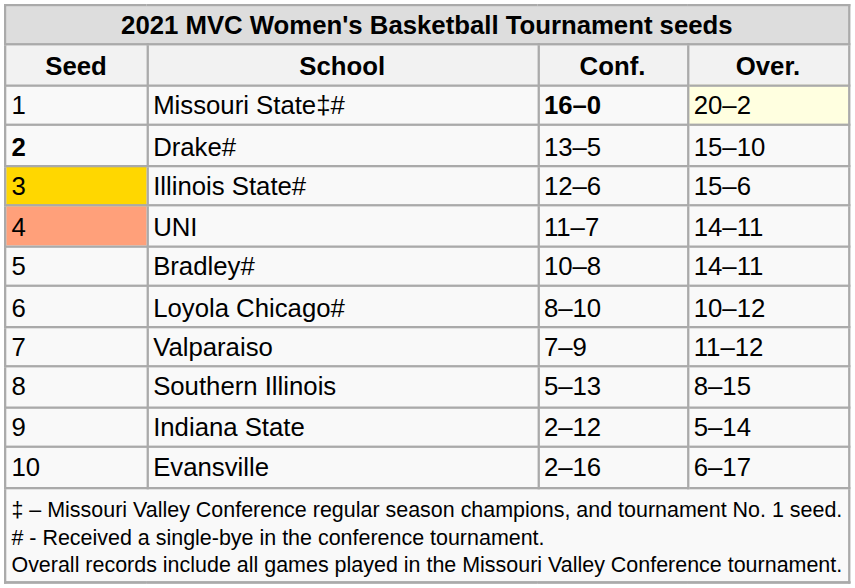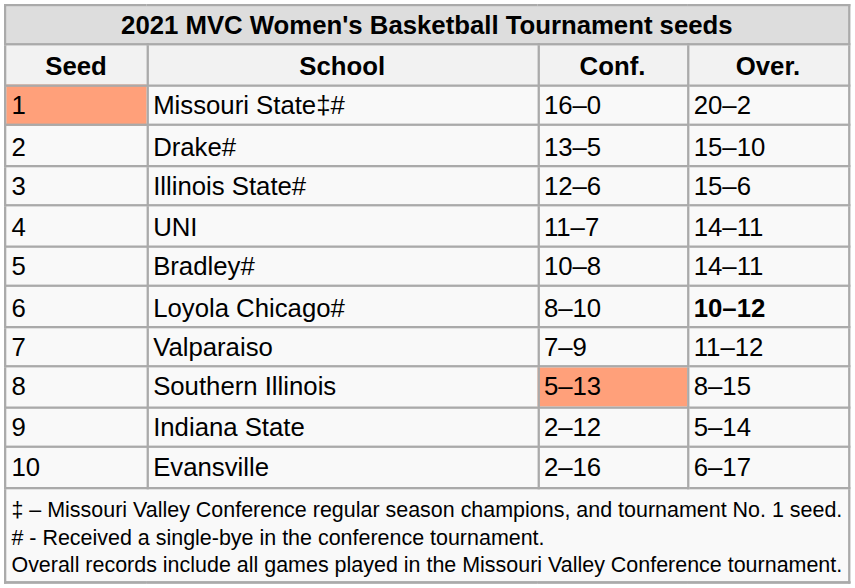 <table class="wikitable" style="white-space:nowrap; font-size:70%;">
 <tr>
 <td colspan="4" style="text-align:center; background:#DDDDDD; font:#000000"><strong>2021 MVC Women's Basketball Tournament seeds</strong></td>
 </tr>
 <tr bgcolor="#efefef">
 <th>Seed</th>
 <th>School</th>
 <th>Conf.</th>
 <th>Over.</th>
 </tr>
 <tr>
-<td>1</td>
+<td style="background: lightsalmon;">1</td>
 <td>Missouri State‡#</td>
-<td><strong>16–0</strong></td>
-<td style="background: lightyellow;">20–2</td>
+<td>16–0</td>
+<td>20–2</td>
 </tr>
 <tr>
-<td><strong>2</strong></td>
+<td>2</td>
 <td>Drake#</td>
 <td>13–5</td>
 <td>15–10</td>
 </tr>
 <tr>
-<td style="background: gold;">3</td>
+<td>3</td>
 <td>Illinois State#</td>
 <td>12–6</td>
 <td>15–6</td>
 </tr>
 <tr>
-<td style="background: lightsalmon;">4</td>
+<td>4</td>
 <td>UNI</td>
 <td>11–7</td>
 <td>14–11</td>
 </tr>
 <tr>
 <td>5</td>
 <td>Bradley#</td>
 <td>10–8</td>
 <td>14–11</td>
 </tr>
 <tr>
 <td>6</td>
 <td>Loyola Chicago#</td>
 <td>8–10</td>
-<td>10–12</td>
+<td><strong>10–12</strong></td>
 </tr>
 <tr>
 <td>7</td>
 <td>Valparaiso</td>
 <td>7–9</td>
 <td>11–12</td>
 </tr>
 <tr>
 <td>8</td>
 <td>Southern Illinois</td>
-<td>5–13</td>
+<td style="background: lightsalmon;">5–13</td>
 <td>8–15</td>
 </tr>
 <tr>
 <td>9</td>
 <td>Indiana State</td>
 <td>2–12</td>
 <td>5–14</td>
 </tr>
 <tr>
 <td>10</td>
 <td>Evansville</td>
 <td>2–16</td>
 <td>6–17</td>
 </tr>
 <tr>
 <td colspan="4" style="text-align:left;"><small>‡ – Missouri Valley Conference regular season champions, and tournament No. 1 seed.<br># - Received a single-bye in the conference tournament.<br>Overall records include all games played in the Missouri Valley Conference tournament.</small></td>
 </tr>
 <tr>
 </tr>
 </table>
